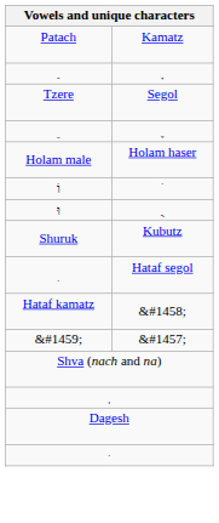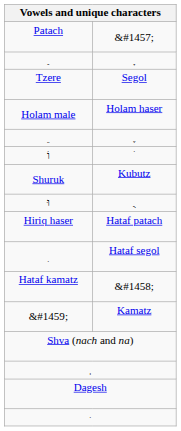 <table class="wikitable" style="text-align: center; width: 250px; border: 1px; padding: 8px;" align="left">
 <tr>
 <th colspan=2><strong>Vowels and unique characters</strong></th>
 </tr>
 <tr>
 <td><a href='#'>Patach</a> <br>  </td>
-<td><a href='#'>Kamatz</a> <br>  </td>
+<td>&‌#1457;</td>
 </tr>
 <tr>
 <td>&#1463;</td>
 <td>&#1464;</td>
 </tr>
 <tr>
 <td><a href='#'>Tzere</a> <br>  </td>
 <td><a href='#'>Segol</a> <br>  </td>
 </tr>
 <tr>
+<td><a href='#'>Holam male</a> <br></td>
+<td><a href='#'>Holam haser</a> <br>  </td>
+</tr>
+<tr>
 <td>&#1461;</td>
 <td>&#1462;</td>
-</tr>
-<tr>
-<td><a href='#'>Holam male</a> <br></td>
-<td><a href='#'>Holam haser</a> <br>  </td>
 </tr>
 <tr>
 <td>&#64331;</td>
 <td>&#1465;</td>
 </tr>
 <tr>
+<td><a href='#'>Shuruk</a> <br></td>
+<td><a href='#'>Kubutz</a> <br>  </td>
+</tr>
+<tr>
 <td>&#64309;</td>
 <td>&#1467;</td>
 </tr>
 <tr>
-<td><a href='#'>Shuruk</a> <br></td>
-<td><a href='#'>Kubutz</a> <br>  </td>
+<td><a href='#'>Hiriq haser</a> <br>  </td>
+<td><a href='#'>Hataf patach</a> <br>  </td>
 </tr>
 <tr>
 <td>&#1460;</td>
 <td><a href='#'>Hataf segol</a> <br>  </td>
 </tr>
 <tr>
 <td><a href='#'>Hataf kamatz</a> <br>  </td>
 <td>&‌#1458;</td>
 </tr>
 <tr>
 <td>&‌#1459;</td>
-<td>&‌#1457;</td>
+<td><a href='#'>Kamatz</a> <br>  </td>
 </tr>
 <tr>
 <td colspan="2"><a href='#'>Shva</a> (<em>nach</em> and <em>na</em>)<br>  </td>
 </tr>
 <tr>
 <td colspan="2">&#1456;</td>
 </tr>
 <tr>
 <td colspan="2"><a href='#'>Dagesh</a> <br>  </td>
 </tr>
 <tr>
 <td colspan="2">&#1468;</td>
 </tr>
 </table>
